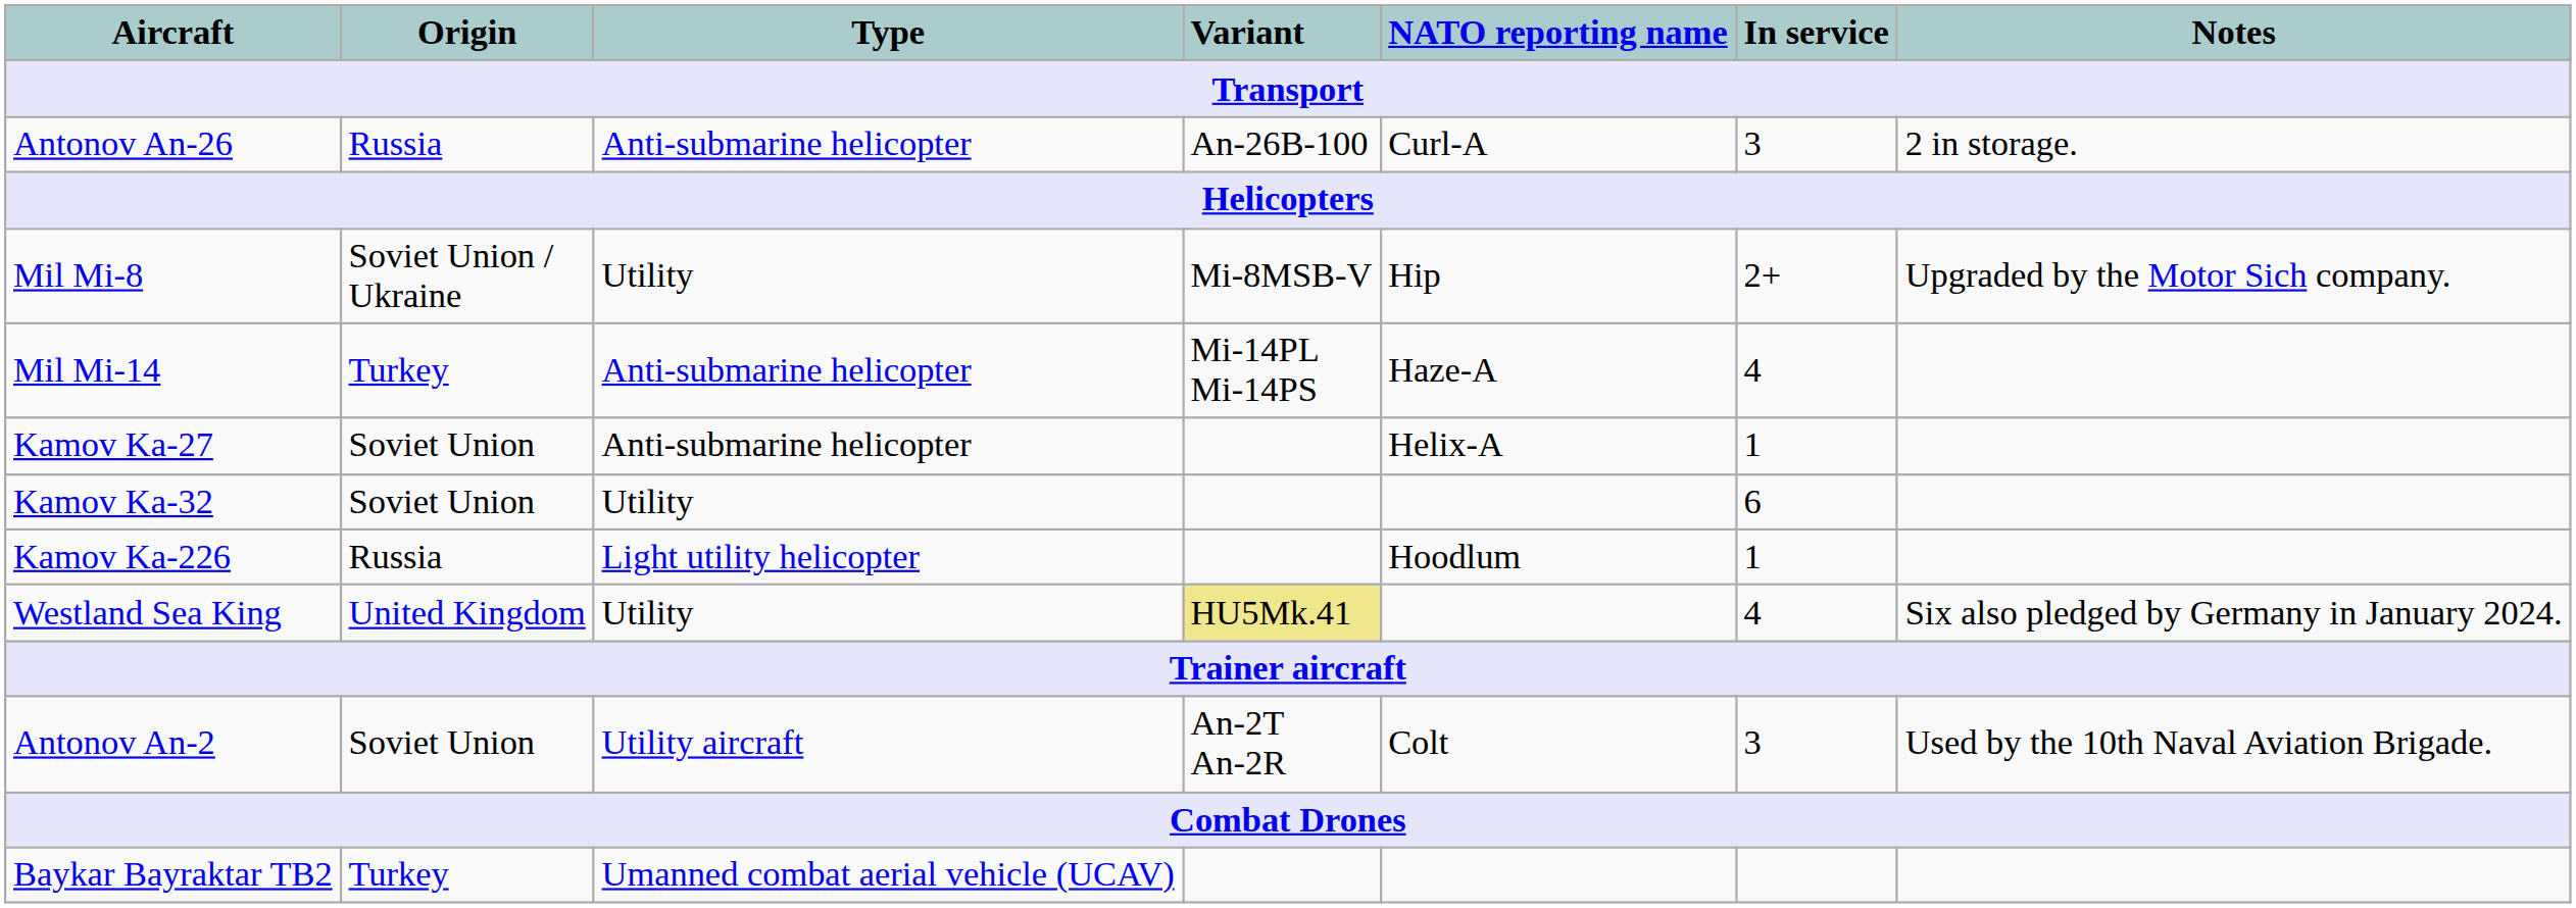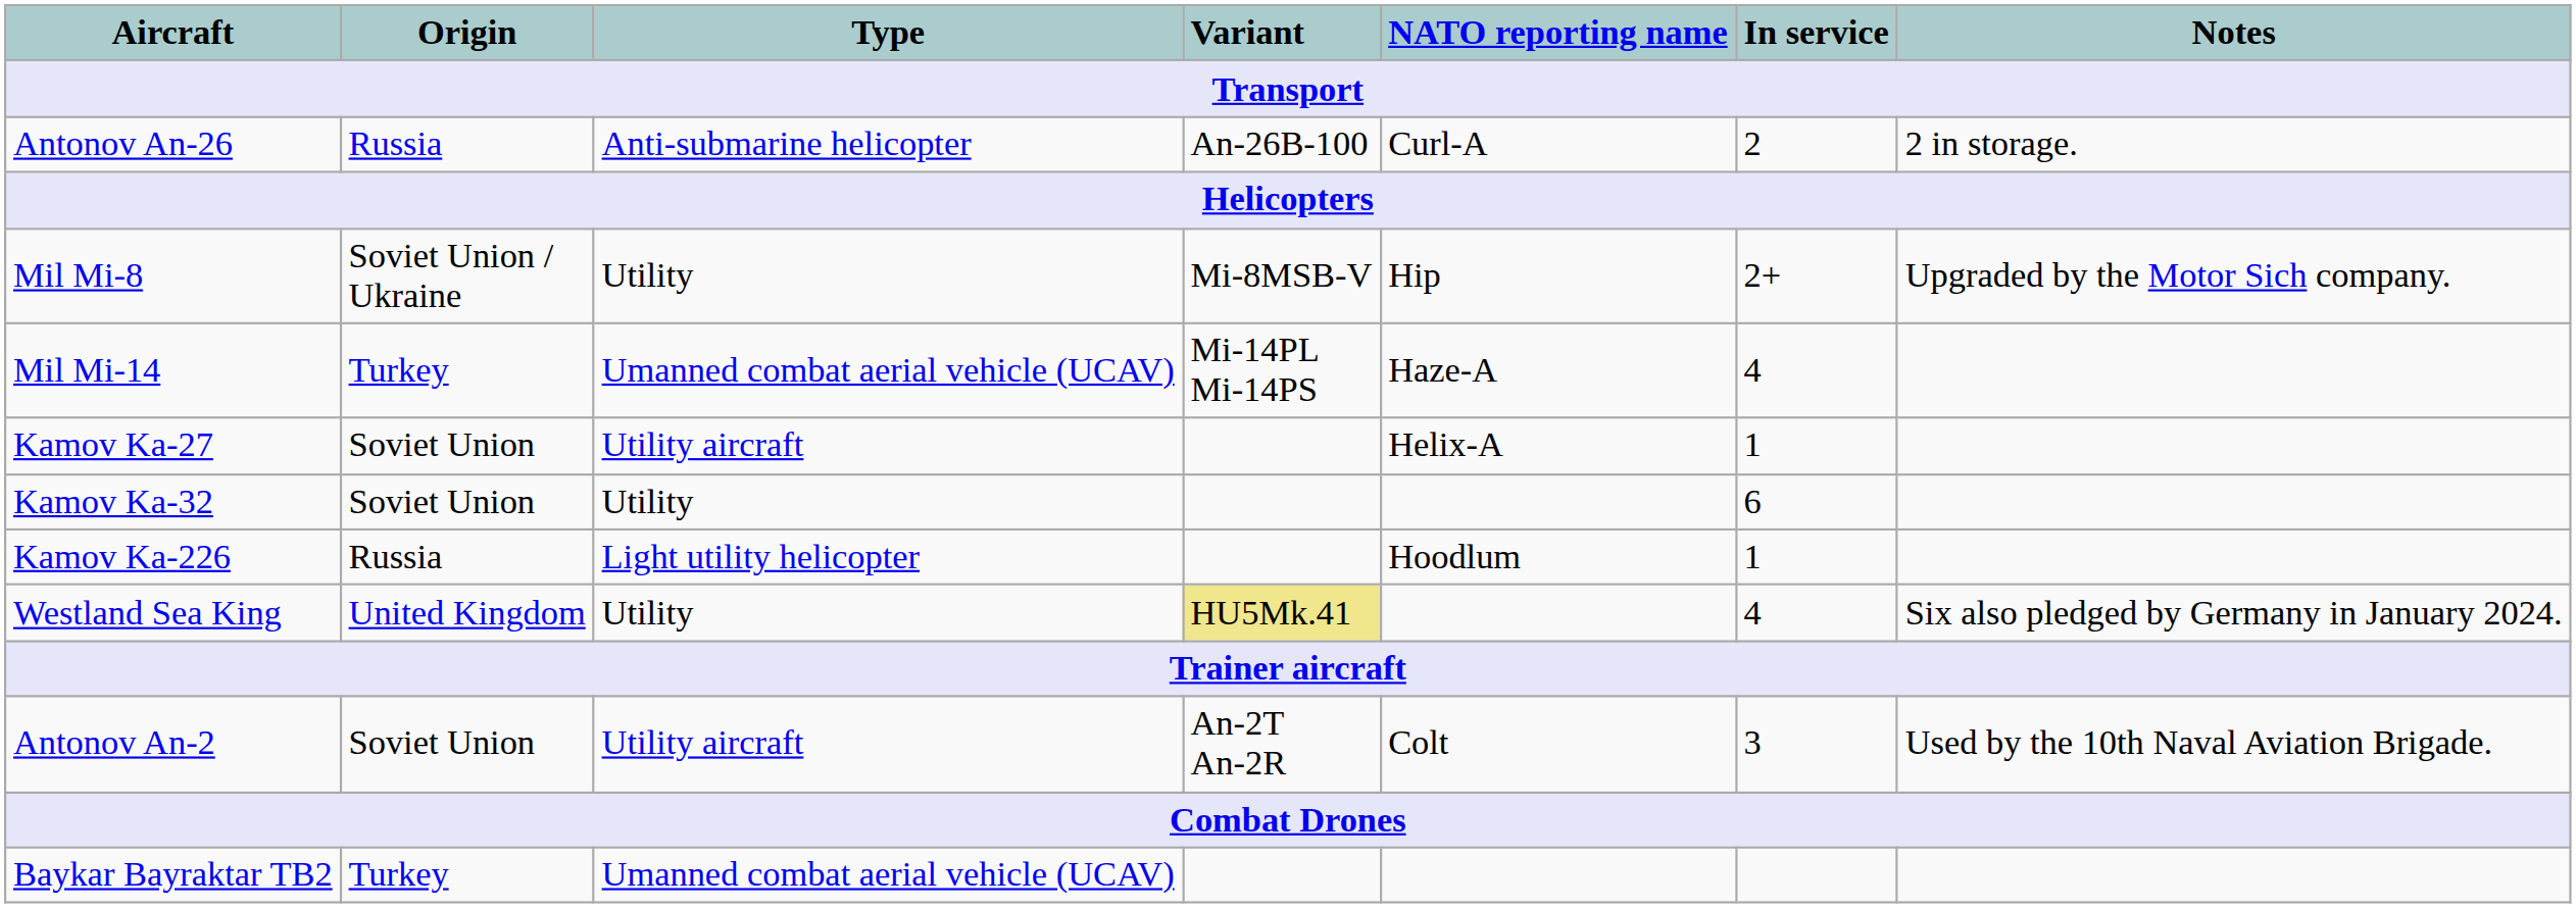 <table class="wikitable">
 <tr>
 <th style="text-align:center; background:#acc;">Aircraft</th>
 <th style="text-align: center; background:#acc;">Origin</th>
 <th style="text-align:l center; background:#acc;">Type</th>
 <th style="text-align:left; background:#acc;">Variant</th>
 <th style="text-align: center; background:#acc;"><a href='#'>NATO reporting name</a></th>
 <th style="text-align:center; background:#acc;">In service</th>
 <th style="text-align: center; background:#acc;">Notes</th>
 </tr>
 <tr>
 <th colspan="7" style="align: center; background: lavender;"><a href='#'>Transport</a></th>
 </tr>
 <tr>
 <td><a href='#'>Antonov An-26</a></td>
 <td><a href='#'>Russia</a></td>
 <td><a href='#'>Anti-submarine helicopter</a></td>
 <td>An-26B-100</td>
 <td>Curl-A</td>
-<td>3</td>
+<td>2</td>
 <td>2 in storage.</td>
 </tr>
 <tr>
 <th colspan="7" style="align: center; background: lavender;"><a href='#'>Helicopters</a></th>
 </tr>
 <tr>
 <td><a href='#'>Mil Mi-8</a></td>
 <td>Soviet Union /<br> Ukraine</td>
 <td>Utility</td>
 <td>Mi-8MSB-V</td>
 <td>Hip</td>
 <td>2+</td>
 <td>Upgraded by the <a href='#'>Motor Sich</a> company.</td>
 </tr>
 <tr>
 <td><a href='#'>Mil Mi-14</a></td>
 <td><a href='#'>Turkey</a></td>
-<td><a href='#'>Anti-submarine helicopter</a></td>
+<td><a href='#'>Umanned combat aerial vehicle (UCAV)</a></td>
 <td>Mi-14PL<br>Mi-14PS</td>
 <td>Haze-A</td>
 <td>4</td>
 <td></td>
 </tr>
 <tr>
 <td><a href='#'>Kamov Ka-27</a></td>
 <td>Soviet Union</td>
-<td>Anti-submarine helicopter</td>
+<td><a href='#'>Utility aircraft</a></td>
 <td></td>
 <td>Helix-A</td>
 <td>1</td>
 <td></td>
 </tr>
 <tr>
 <td><a href='#'>Kamov Ka-32</a></td>
 <td>Soviet Union</td>
 <td>Utility</td>
 <td></td>
 <td></td>
 <td>6</td>
 <td></td>
 </tr>
 <tr>
 <td><a href='#'>Kamov Ka-226</a></td>
 <td>Russia</td>
 <td><a href='#'>Light utility helicopter</a></td>
 <td></td>
 <td>Hoodlum</td>
 <td>1</td>
 <td></td>
 </tr>
 <tr>
 <td><a href='#'>Westland Sea King</a></td>
 <td><a href='#'>United Kingdom</a></td>
 <td>Utility</td>
 <td style="background: khaki;">HU5Mk.41</td>
 <td></td>
 <td>4</td>
 <td>Six also pledged by Germany in January 2024.</td>
 </tr>
 <tr>
 <th colspan="7" style="align: center; background: lavender;"><a href='#'>Trainer aircraft</a></th>
 </tr>
 <tr>
 <td><a href='#'>Antonov An-2</a></td>
 <td>Soviet Union</td>
 <td><a href='#'>Utility aircraft</a></td>
 <td>An-2T<br>An-2R</td>
 <td>Colt</td>
 <td>3</td>
 <td>Used by the 10th Naval Aviation Brigade.</td>
 </tr>
 <tr>
 <th colspan="7" style="align: center; background: lavender;"><a href='#'>Combat Drones</a></th>
 </tr>
 <tr>
 <td><a href='#'>Baykar Bayraktar TB2</a></td>
 <td><a href='#'>Turkey</a></td>
 <td><a href='#'>Umanned combat aerial vehicle (UCAV)</a></td>
 <td></td>
 <td></td>
 <td></td>
 <td></td>
 </tr>
 </table>
